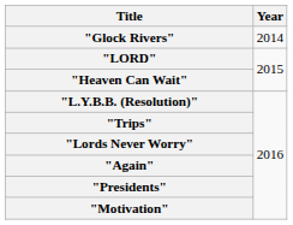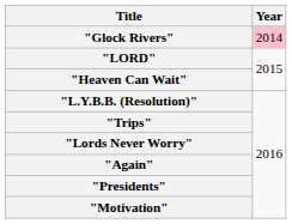 <table class="wikitable plainrowheaders" style="text-align:center;">
 <tr>
 <th scope="col" style="width:18em;">Title</th>
 <th scope="col">Year</th>
 </tr>
 <tr>
 <th scope="row">"Glock Rivers"</th>
-<td>2014</td>
+<td style="background: pink;">2014</td>
 </tr>
 <tr>
 <th scope="row">"LORD"</th>
 <td rowspan="2">2015</td>
 </tr>
 <tr>
 <th scope="row">"Heaven Can Wait"<br></th>
 </tr>
 <tr>
 <th scope="row">"L.Y.B.B. (Resolution)"</th>
 <td rowspan="6">2016</td>
 </tr>
 <tr>
 <th scope="row">"Trips"</th>
 </tr>
 <tr>
 <th scope="row">"Lords Never Worry"<br></th>
 </tr>
 <tr>
 <th scope="row">"Again"<br></th>
 </tr>
 <tr>
 <th scope="row">"Presidents"<br></th>
 </tr>
 <tr>
 <th scope="row">"Motivation"<br></th>
 </tr>
 </table>
